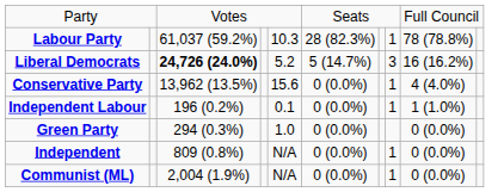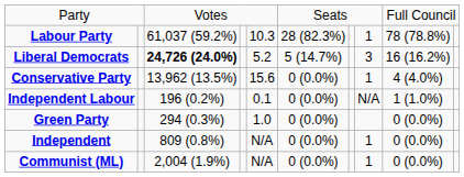 <table class=wikitable style="text-align:center;">
 <tr>
 <td colspan=2>Party</td>
 <td colspan=3>Votes</td>
 <td colspan=3>Seats</td>
 <td colspan=3>Full Council</td>
 </tr>
 <tr>
 <td><strong><a href='#'>Labour Party</a></strong></td>
 <td style="background:"></td>
 <td>61,037 (59.2%)</td>
 <td></td>
 <td> 10.3</td>
 <td>28 (82.3%)</td>
 <td></td>
 <td> 1</td>
 <td>78 (78.8%)</td>
 <td></td>
 </tr>
 <tr>
 <td><strong><a href='#'>Liberal Democrats</a></strong></td>
 <td style="background:"></td>
 <td><strong>24,726 (24.0%)</strong></td>
 <td></td>
 <td> 5.2</td>
 <td>5 (14.7%)</td>
 <td></td>
 <td> 3</td>
 <td>16 (16.2%)</td>
 <td></td>
 </tr>
 <tr>
 <td><strong><a href='#'>Conservative Party</a></strong></td>
 <td style="background:"></td>
 <td>13,962 (13.5%)</td>
 <td></td>
 <td> 15.6</td>
 <td>0 (0.0%)</td>
 <td></td>
 <td> 1</td>
 <td>4 (4.0%)</td>
 <td></td>
 </tr>
 <tr>
 <td><strong><a href='#'>Independent Labour</a></strong></td>
 <td style="background:"></td>
 <td>196 (0.2%)</td>
 <td></td>
 <td> 0.1</td>
 <td>0 (0.0%)</td>
 <td></td>
-<td> 1</td>
+<td>N/A</td>
 <td>1 (1.0%)</td>
 <td></td>
 </tr>
 <tr>
 <td><strong><a href='#'>Green Party</a></strong></td>
 <td style="background:"></td>
 <td>294 (0.3%)</td>
 <td></td>
 <td> 1.0</td>
 <td>0 (0.0%)</td>
 <td></td>
 <td></td>
 <td>0 (0.0%)</td>
 <td></td>
 </tr>
 <tr>
 <td><strong><a href='#'>Independent</a></strong></td>
 <td style="background:"></td>
 <td>809 (0.8%)</td>
 <td></td>
 <td>N/A</td>
 <td>0 (0.0%)</td>
 <td></td>
 <td> 1</td>
 <td>0 (0.0%)</td>
 <td></td>
 </tr>
 <tr>
 <td><strong><a href='#'>Communist (ML)</a></strong></td>
 <td style="background:"></td>
 <td>2,004 (1.9%)</td>
 <td></td>
 <td>N/A</td>
 <td>0 (0.0%)</td>
 <td></td>
 <td> 1</td>
 <td>0 (0.0%)</td>
 <td></td>
 </tr>
 </table>
